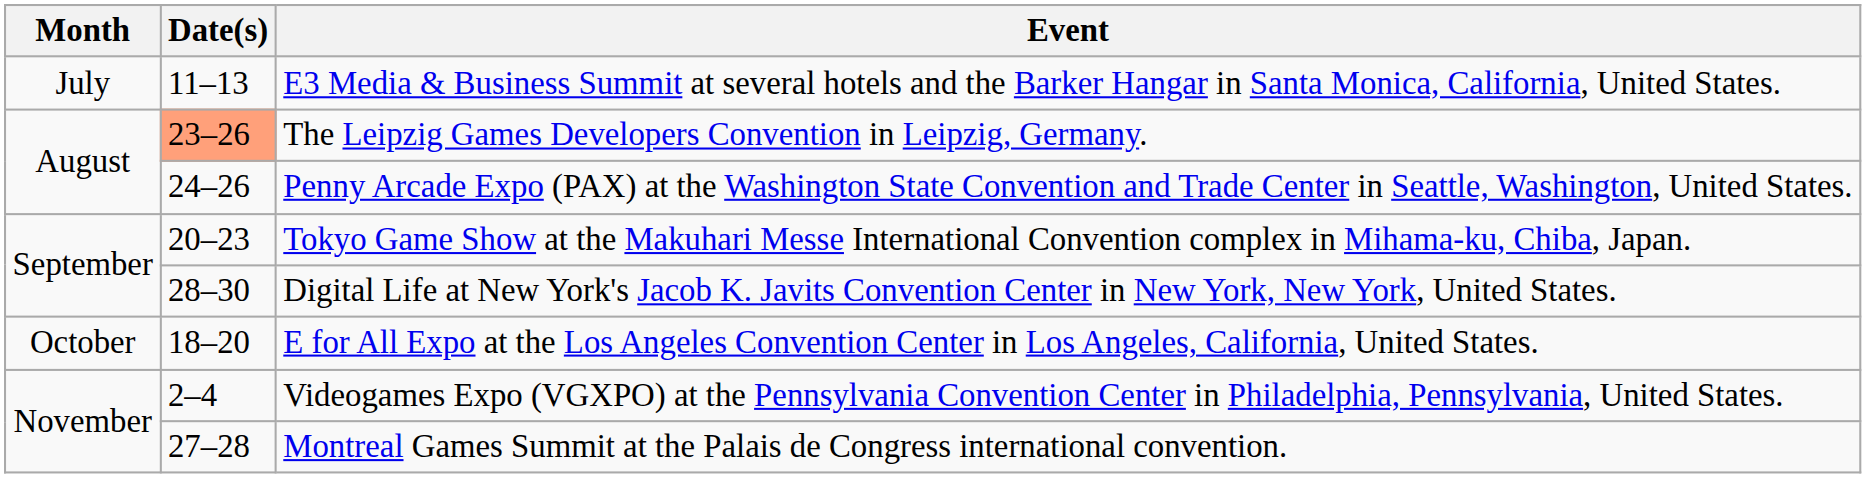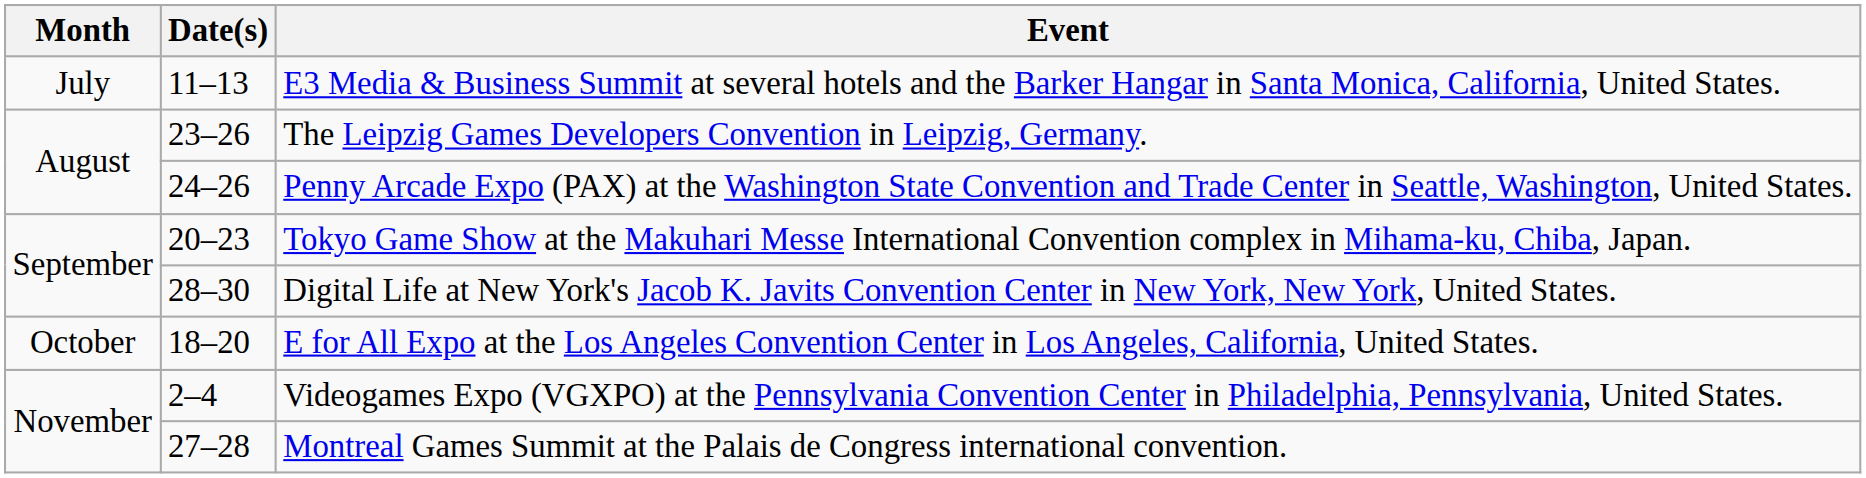 <table class="wikitable">
 <tr>
 <th>Month</th>
 <th>Date(s)</th>
 <th>Event</th>
 </tr>
 <tr>
 <td rowspan="1" style="text-align:center">July</td>
 <td>11–13</td>
 <td><a href='#'>E3 Media & Business Summit</a> at several hotels and the <a href='#'>Barker Hangar</a> in <a href='#'>Santa Monica, California</a>, United States.</td>
 </tr>
 <tr>
 <td rowspan="2" style="text-align:center">August</td>
-<td style="background: lightsalmon;">23–26</td>
+<td>23–26</td>
 <td>The <a href='#'>Leipzig Games Developers Convention</a> in <a href='#'>Leipzig, Germany</a>.</td>
 </tr>
 <tr>
 <td>24–26</td>
 <td><a href='#'>Penny Arcade Expo</a> (PAX) at the <a href='#'>Washington State Convention and Trade Center</a> in <a href='#'>Seattle, Washington</a>, United States.</td>
 </tr>
 <tr>
 <td rowspan="2" style="text-align:center">September</td>
 <td>20–23</td>
 <td><a href='#'>Tokyo Game Show</a> at the <a href='#'>Makuhari Messe</a> International Convention complex in <a href='#'>Mihama-ku, Chiba</a>, Japan.</td>
 </tr>
 <tr>
 <td>28–30</td>
 <td>Digital Life at New York's <a href='#'>Jacob K. Javits Convention Center</a> in <a href='#'>New York, New York</a>, United States.</td>
 </tr>
 <tr>
 <td rowspan="1" style="text-align:center">October</td>
 <td>18–20</td>
 <td><a href='#'>E for All Expo</a> at the <a href='#'>Los Angeles Convention Center</a> in <a href='#'>Los Angeles, California</a>, United States.</td>
 </tr>
 <tr>
 <td rowspan="2" style="text-align:center">November</td>
 <td>2–4</td>
 <td>Videogames Expo (VGXPO) at the <a href='#'>Pennsylvania Convention Center</a> in <a href='#'>Philadelphia, Pennsylvania</a>, United States.</td>
 </tr>
 <tr>
 <td>27–28</td>
 <td><a href='#'>Montreal</a> Games Summit at the Palais de Congress international convention.</td>
 </tr>
 </table>
